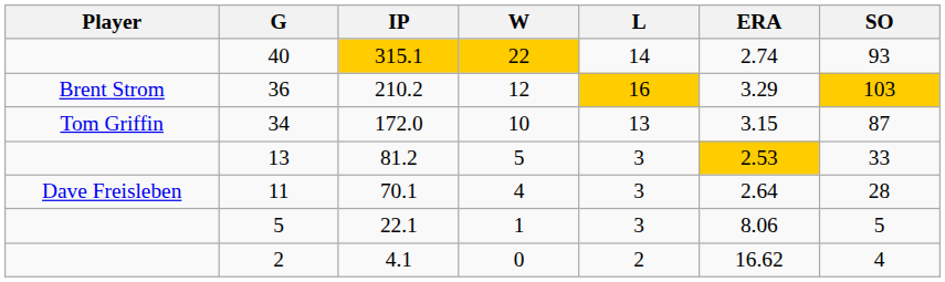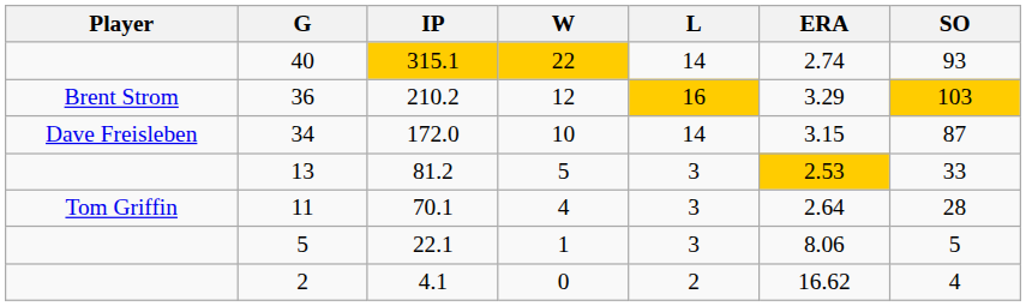 <table class="wikitable sortable">
 <tr>
 <th bgcolor="#DDDDFF" width="16%">Player</th>
 <th bgcolor="#DDDDFF" width="9%">G</th>
 <th bgcolor="#DDDDFF" width="9%">IP</th>
 <th bgcolor="#DDDDFF" width="9%">W</th>
 <th bgcolor="#DDDDFF" width="9%">L</th>
 <th bgcolor="#DDDDFF" width="9%">ERA</th>
 <th bgcolor="#DDDDFF" width="9%">SO</th>
 </tr>
 <tr align="center">
 <td></td>
 <td>40</td>
 <td style="background:#fc0;">315.1</td>
 <td style="background:#fc0;">22</td>
 <td>14</td>
 <td>2.74</td>
 <td>93</td>
 </tr>
 <tr align="center">
 <td><a href='#'>Brent Strom</a></td>
 <td>36</td>
 <td>210.2</td>
 <td>12</td>
 <td style="background:#fc0;">16</td>
 <td>3.29</td>
 <td style="background:#fc0;">103</td>
 </tr>
 <tr align=center>
-<td><a href='#'>Tom Griffin</a></td>
+<td><a href='#'>Dave Freisleben</a></td>
 <td>34</td>
 <td>172.0</td>
 <td>10</td>
-<td>13</td>
+<td>14</td>
 <td>3.15</td>
 <td>87</td>
 </tr>
 <tr align=center>
 <td></td>
 <td>13</td>
 <td>81.2</td>
 <td>5</td>
 <td>3</td>
 <td style="background:#fc0;">2.53</td>
 <td>33</td>
 </tr>
 <tr align="center">
-<td><a href='#'>Dave Freisleben</a></td>
+<td><a href='#'>Tom Griffin</a></td>
 <td>11</td>
 <td>70.1</td>
 <td>4</td>
 <td>3</td>
 <td>2.64</td>
 <td>28</td>
 </tr>
 <tr align=center>
 <td></td>
 <td>5</td>
 <td>22.1</td>
 <td>1</td>
 <td>3</td>
 <td>8.06</td>
 <td>5</td>
 </tr>
 <tr align="center">
 <td></td>
 <td>2</td>
 <td>4.1</td>
 <td>0</td>
 <td>2</td>
 <td>16.62</td>
 <td>4</td>
 </tr>
 </table>
